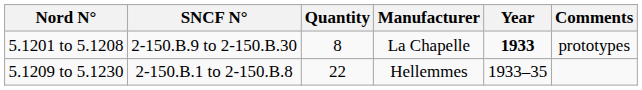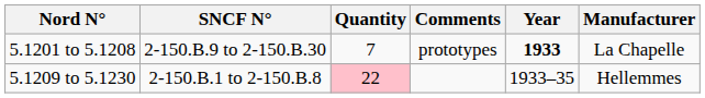 <table class="wikitable" style="text-align: center;">
 <tr>
 <th>Nord N°</th>
 <th>SNCF N°</th>
 <th>Quantity</th>
+<th>Comments</th>
+<th>Year</th>
 <th>Manufacturer</th>
-<th>Year</th>
-<th>Comments</th>
 </tr>
 <tr>
 <td>5.1201 to 5.1208</td>
 <td>2-150.B.9 to 2-150.B.30</td>
-<td>8</td>
+<td>7</td>
+<td>prototypes</td>
+<td><strong>1933</strong></td>
 <td>La Chapelle</td>
-<td><strong>1933</strong></td>
-<td>prototypes</td>
 </tr>
 <tr>
 <td>5.1209 to 5.1230</td>
 <td>2-150.B.1 to 2-150.B.8</td>
-<td>22</td>
+<td style="background: pink;">22</td>
+<td></td>
+<td>1933–35</td>
 <td>Hellemmes</td>
-<td>1933–35</td>
-<td></td>
 </tr>
 </table>
